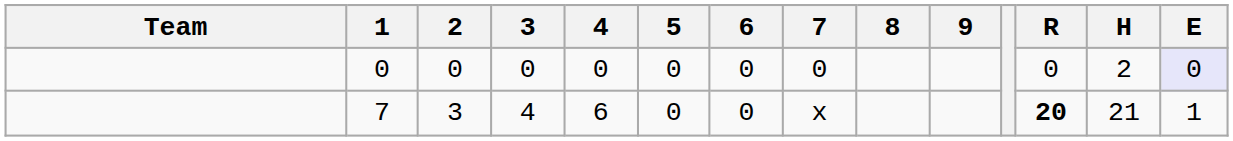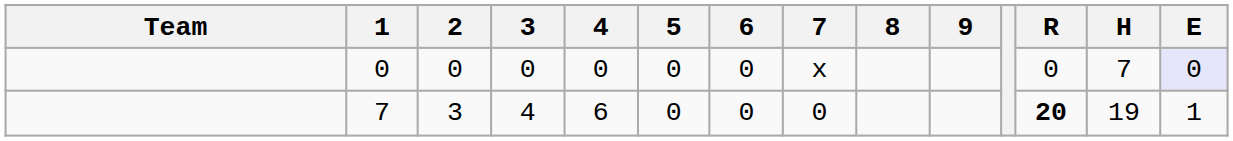 <table border=1 cellspacing=0 width=600 style="margin-left:3em;" class="wikitable">
 <tr style="text-align:center; background-color:#e6e6e6;">
 <th align=left width=28%>Team</th>
 <th width=6%>1</th>
 <th width=6%>2</th>
 <th width=6%>3</th>
 <th width=6%>4</th>
 <th width=6%>5</th>
 <th width=6%>6</th>
 <th width=6%>7</th>
 <th width=6%>8</th>
 <th width=6%>9</th>
 <th rowspan="3" width=0.5%></th>
 <th width=6%>R</th>
 <th width=6%>H</th>
 <th width=6%>E</th>
 </tr>
 <tr style="text-align:center;">
 <td align=left></td>
 <td>0</td>
 <td>0</td>
 <td>0</td>
 <td>0</td>
 <td>0</td>
 <td>0</td>
-<td>0</td>
+<td>x</td>
 <td></td>
 <td></td>
 <td>0</td>
-<td>2</td>
+<td>7</td>
 <td style="background: lavender;">0</td>
 </tr>
 <tr style="text-align:center;">
 <td align=left></td>
 <td>7</td>
 <td>3</td>
 <td>4</td>
 <td>6</td>
 <td>0</td>
 <td>0</td>
-<td>x</td>
+<td>0</td>
 <td></td>
 <td></td>
 <td><strong>20</strong></td>
-<td>21</td>
+<td>19</td>
 <td>1</td>
 </tr>
 </table>
